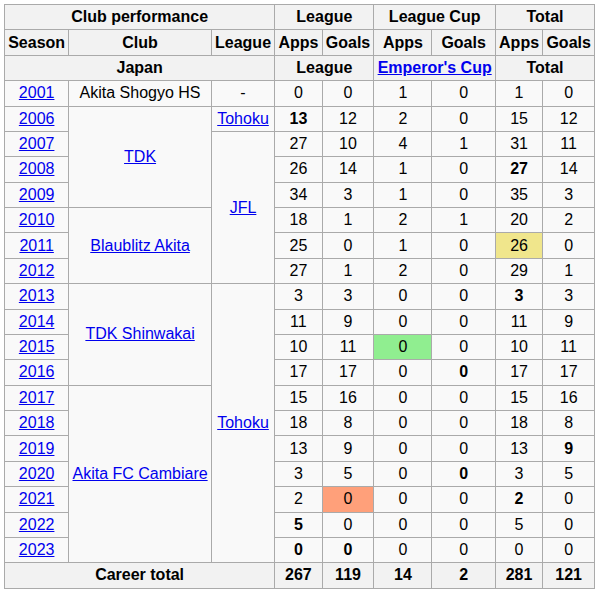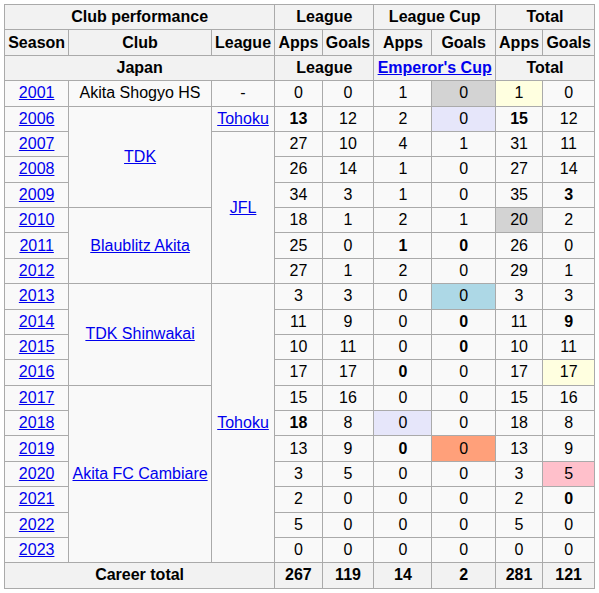 <table class="wikitable" style="text-align:center">
 <tr>
 <th colspan="3">Club performance</th>
 <th colspan="2">League</th>
 <th colspan="2">League Cup</th>
 <th colspan="2">Total</th>
 </tr>
 <tr>
 <th>Season</th>
 <th>Club</th>
 <th>League</th>
 <th>Apps</th>
 <th>Goals</th>
 <th>Apps</th>
 <th>Goals</th>
 <th>Apps</th>
 <th>Goals</th>
 </tr>
 <tr>
 <th colspan="3">Japan</th>
 <th colspan="2">League</th>
 <th colspan="2"><a href='#'>Emperor's Cup</a></th>
 <th colspan="2">Total</th>
 </tr>
 <tr>
 <td><a href='#'>2001</a></td>
 <td>Akita Shogyo HS</td>
 <td>-</td>
 <td>0</td>
 <td>0</td>
 <td>1</td>
-<td>0</td>
-<td>1</td>
+<td style="background: lightgrey;">0</td>
+<td style="background: lightyellow;">1</td>
 <td>0</td>
 </tr>
 <tr>
 <td><a href='#'>2006</a></td>
 <td rowspan="4"><a href='#'>TDK</a></td>
 <td><a href='#'>Tohoku</a></td>
 <td><strong>13</strong></td>
 <td>12</td>
 <td>2</td>
-<td>0</td>
-<td>15</td>
+<td style="background: lavender;">0</td>
+<td><strong>15</strong></td>
 <td>12</td>
 </tr>
 <tr>
 <td><a href='#'>2007</a></td>
 <td rowspan="6"><a href='#'>JFL</a></td>
 <td>27</td>
 <td>10</td>
 <td>4</td>
 <td>1</td>
 <td>31</td>
 <td>11</td>
 </tr>
 <tr>
 <td><a href='#'>2008</a></td>
 <td>26</td>
 <td>14</td>
 <td>1</td>
 <td>0</td>
-<td><strong>27</strong></td>
+<td>27</td>
 <td>14</td>
 </tr>
 <tr>
 <td><a href='#'>2009</a></td>
 <td>34</td>
 <td>3</td>
 <td>1</td>
 <td>0</td>
 <td>35</td>
-<td>3</td>
+<td><strong>3</strong></td>
 </tr>
 <tr>
 <td><a href='#'>2010</a></td>
 <td rowspan="3"><a href='#'>Blaublitz Akita</a></td>
 <td>18</td>
 <td>1</td>
 <td>2</td>
 <td>1</td>
-<td>20</td>
+<td style="background: lightgrey;">20</td>
 <td>2</td>
 </tr>
 <tr>
 <td><a href='#'>2011</a></td>
 <td>25</td>
 <td>0</td>
-<td>1</td>
-<td>0</td>
-<td style="background: khaki;">26</td>
+<td><strong>1</strong></td>
+<td><strong>0</strong></td>
+<td>26</td>
 <td>0</td>
 </tr>
 <tr>
 <td><a href='#'>2012</a></td>
 <td>27</td>
 <td>1</td>
 <td>2</td>
 <td>0</td>
 <td>29</td>
 <td>1</td>
 </tr>
 <tr>
 <td><a href='#'>2013</a></td>
 <td rowspan="4"><a href='#'>TDK Shinwakai</a></td>
 <td rowspan="11"><a href='#'>Tohoku</a></td>
 <td>3</td>
 <td>3</td>
 <td>0</td>
-<td>0</td>
-<td><strong>3</strong></td>
+<td style="background: lightblue;">0</td>
+<td>3</td>
 <td>3</td>
 </tr>
 <tr>
 <td><a href='#'>2014</a></td>
 <td>11</td>
 <td>9</td>
 <td>0</td>
-<td>0</td>
+<td><strong>0</strong></td>
 <td>11</td>
-<td>9</td>
+<td><strong>9</strong></td>
 </tr>
 <tr>
 <td><a href='#'>2015</a></td>
 <td>10</td>
 <td>11</td>
-<td style="background: lightgreen;">0</td>
 <td>0</td>
+<td><strong>0</strong></td>
 <td>10</td>
 <td>11</td>
 </tr>
 <tr>
 <td><a href='#'>2016</a></td>
 <td>17</td>
 <td>17</td>
+<td><strong>0</strong></td>
 <td>0</td>
-<td><strong>0</strong></td>
 <td>17</td>
-<td>17</td>
+<td style="background: lightyellow;">17</td>
 </tr>
 <tr>
 <td><a href='#'>2017</a></td>
 <td rowspan="7"><a href='#'>Akita FC Cambiare</a></td>
 <td>15</td>
 <td>16</td>
 <td>0</td>
 <td>0</td>
 <td>15</td>
 <td>16</td>
 </tr>
 <tr>
 <td><a href='#'>2018</a></td>
-<td>18</td>
+<td><strong>18</strong></td>
 <td>8</td>
-<td>0</td>
+<td style="background: lavender;">0</td>
 <td>0</td>
 <td>18</td>
 <td>8</td>
 </tr>
 <tr>
 <td><a href='#'>2019</a></td>
 <td>13</td>
 <td>9</td>
-<td>0</td>
-<td>0</td>
+<td><strong>0</strong></td>
+<td style="background: lightsalmon;">0</td>
 <td>13</td>
-<td><strong>9</strong></td>
+<td>9</td>
 </tr>
 <tr>
 <td><a href='#'>2020</a></td>
 <td>3</td>
 <td>5</td>
 <td>0</td>
-<td><strong>0</strong></td>
+<td>0</td>
 <td>3</td>
-<td>5</td>
+<td style="background: pink;">5</td>
 </tr>
 <tr>
 <td><a href='#'>2021</a></td>
 <td>2</td>
-<td style="background: lightsalmon;">0</td>
 <td>0</td>
 <td>0</td>
-<td><strong>2</strong></td>
 <td>0</td>
+<td>2</td>
+<td><strong>0</strong></td>
 </tr>
 <tr>
 <td><a href='#'>2022</a></td>
-<td><strong>5</strong></td>
+<td>5</td>
 <td>0</td>
 <td>0</td>
 <td>0</td>
 <td>5</td>
 <td>0</td>
 </tr>
 <tr>
 <td><a href='#'>2023</a></td>
-<td><strong>0</strong></td>
-<td><strong>0</strong></td>
+<td>0</td>
+<td>0</td>
 <td>0</td>
 <td>0</td>
 <td>0</td>
 <td>0</td>
 </tr>
 <tr>
 <th colspan=3>Career total</th>
 <th>267</th>
 <th>119</th>
 <th>14</th>
 <th>2</th>
 <th>281</th>
 <th>121</th>
 </tr>
 </table>
